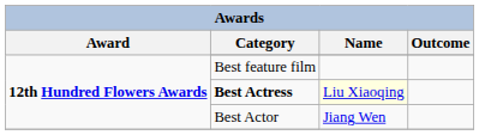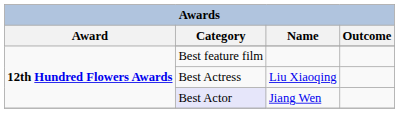 <table class="wikitable" style="font-size:95%;" ;>
 <tr style="background:#ccc; text-align:center;">
 <th colspan="5" style="background: LightSteelBlue;">Awards</th>
 </tr>
 <tr style="background:#ccc; text-align:center;">
 <th>Award</th>
 <th>Category</th>
 <th>Name</th>
 <th>Outcome</th>
 </tr>
 <tr>
 <td rowspan=4><strong>12th <a href='#'>Hundred Flowers Awards</a></strong></td>
 </tr>
 <tr>
 <td>Best feature film</td>
 <td></td>
 <td></td>
 </tr>
 <tr>
-<td><strong>Best Actress</strong></td>
-<td style="background: lightyellow;"><a href='#'>Liu Xiaoqing</a></td>
+<td>Best Actress</td>
+<td><a href='#'>Liu Xiaoqing</a></td>
 <td></td>
 </tr>
 <tr>
-<td>Best Actor</td>
+<td style="background: lavender;">Best Actor</td>
 <td><a href='#'>Jiang Wen</a></td>
 <td></td>
 </tr>
 <tr>
 </tr>
 </table>
